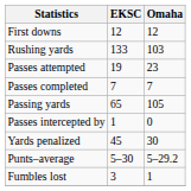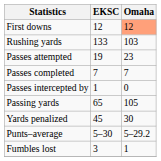 <table class="wikitable">
 <tr>
 <th>Statistics</th>
 <th>EKSC</th>
 <th>Omaha</th>
 </tr>
 <tr>
 <td>First downs</td>
 <td>12</td>
-<td>12</td>
+<td style="background: lightsalmon;">12</td>
 </tr>
 <tr>
 <td>Rushing yards</td>
 <td>133</td>
 <td>103</td>
 </tr>
 <tr>
 <td>Passes attempted</td>
 <td>19</td>
 <td>23</td>
 </tr>
 <tr>
 <td>Passes completed</td>
 <td>7</td>
 <td>7</td>
 </tr>
 <tr>
+<td>Passes intercepted by</td>
+<td>1</td>
+<td>0</td>
+</tr>
+<tr>
 <td>Passing yards</td>
 <td>65</td>
 <td>105</td>
-</tr>
-<tr>
-<td>Passes intercepted by</td>
-<td>1</td>
-<td>0</td>
 </tr>
 <tr>
 <td>Yards penalized</td>
 <td>45</td>
 <td>30</td>
 </tr>
 <tr>
 <td>Punts–average</td>
 <td>5–30</td>
 <td>5–29.2</td>
 </tr>
 <tr>
 <td>Fumbles lost</td>
 <td>3</td>
 <td>1</td>
 </tr>
 <tr>
 </tr>
 </table>
